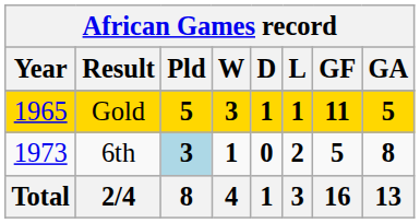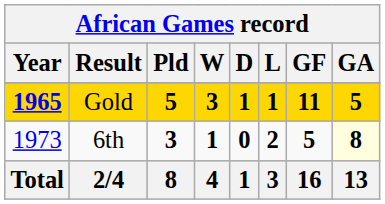 <table class="wikitable" style="text-align: center;">
 <tr>
 <th colspan=9><a href='#'>African Games</a> record</th>
 </tr>
 <tr>
 <th>Year</th>
 <th>Result</th>
 <th>Pld</th>
 <th>W</th>
 <th>D</th>
 <th>L</th>
 <th>GF</th>
 <th>GA</th>
 </tr>
 <tr>
 </tr>
 <tr bgcolor=gold>
-<td> <a href='#'>1965</a></td>
+<td><strong> <a href='#'>1965</a></strong></td>
 <td>Gold</td>
 <td><strong>5</strong></td>
 <td><strong>3</strong></td>
 <td><strong>1</strong></td>
 <td><strong>1</strong></td>
 <td><strong>11</strong></td>
 <td><strong>5</strong></td>
 </tr>
 <tr>
 <td> <a href='#'>1973</a></td>
 <td>6th</td>
-<td style="background: lightblue;"><strong>3</strong></td>
+<td><strong>3</strong></td>
 <td><strong>1</strong></td>
 <td><strong>0</strong></td>
 <td><strong>2</strong></td>
 <td><strong>5</strong></td>
-<td><strong>8</strong></td>
+<td style="background: lightyellow;"><strong>8</strong></td>
 </tr>
 <tr>
 <th><strong>Total</strong></th>
 <th><strong>2/4</strong></th>
 <th><strong>8</strong></th>
 <th><strong>4</strong></th>
 <th><strong>1</strong></th>
 <th><strong>3</strong></th>
 <th><strong>16</strong></th>
 <th><strong>13</strong></th>
 </tr>
 </table>
